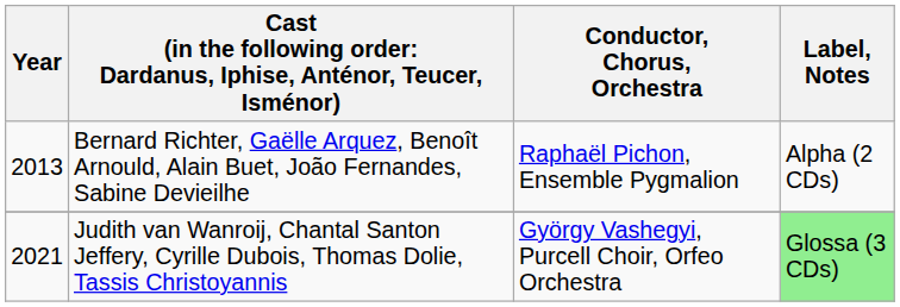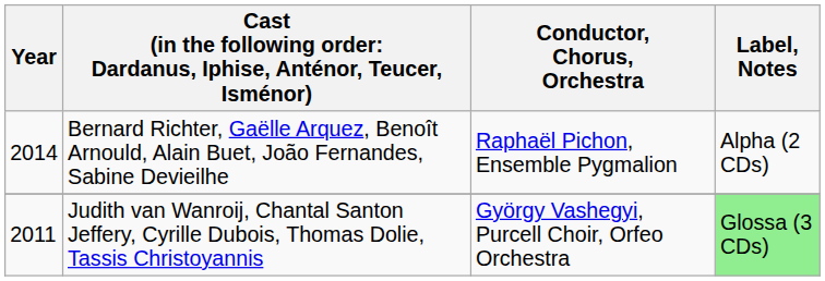 <table class="wikitable">
 <tr>
 <th>Year</th>
 <th>Cast<br>(in the following order:<br>Dardanus, Iphise, Anténor, Teucer, Isménor)</th>
 <th>Conductor,<br>Chorus, <br>Orchestra</th>
 <th>Label, Notes</th>
 </tr>
 <tr>
-<td>2013</td>
+<td>2014</td>
 <td>Bernard Richter, <a href='#'>Gaëlle Arquez</a>, Benoît Arnould, Alain Buet, João Fernandes, Sabine Devieilhe</td>
 <td><a href='#'>Raphaël Pichon</a>, Ensemble Pygmalion</td>
 <td>Alpha (2 CDs)</td>
 </tr>
 <tr>
 </tr>
 <tr>
-<td>2021</td>
+<td>2011</td>
 <td>Judith van Wanroij, Chantal Santon Jeffery, Cyrille Dubois, Thomas Dolie, <a href='#'>Tassis Christoyannis</a></td>
 <td><a href='#'>György Vashegyi</a>, Purcell Choir, Orfeo Orchestra</td>
 <td style="background: lightgreen;">Glossa (3 CDs)</td>
 </tr>
 </table>
